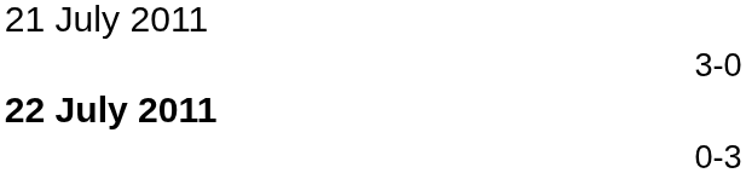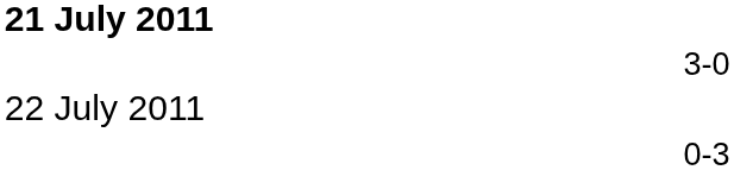 <table style="width:50%;" cellspacing="1">
 <tr>
 <th width=15%></th>
 <th width=10%></th>
 <th width=15%></th>
 </tr>
 <tr>
-<td>21 July 2011</td>
+<td><strong>21 July 2011</strong></td>
 </tr>
 <tr style=font-size:90%>
 <td align=right></td>
 <td align=center>3-0</td>
 <td></td>
 </tr>
 <tr>
-<td><strong>22 July 2011</strong></td>
+<td>22 July 2011</td>
 </tr>
 <tr style=font-size:90%>
 <td align=right></td>
 <td align=center>0-3</td>
 <td></td>
 </tr>
 </table>
